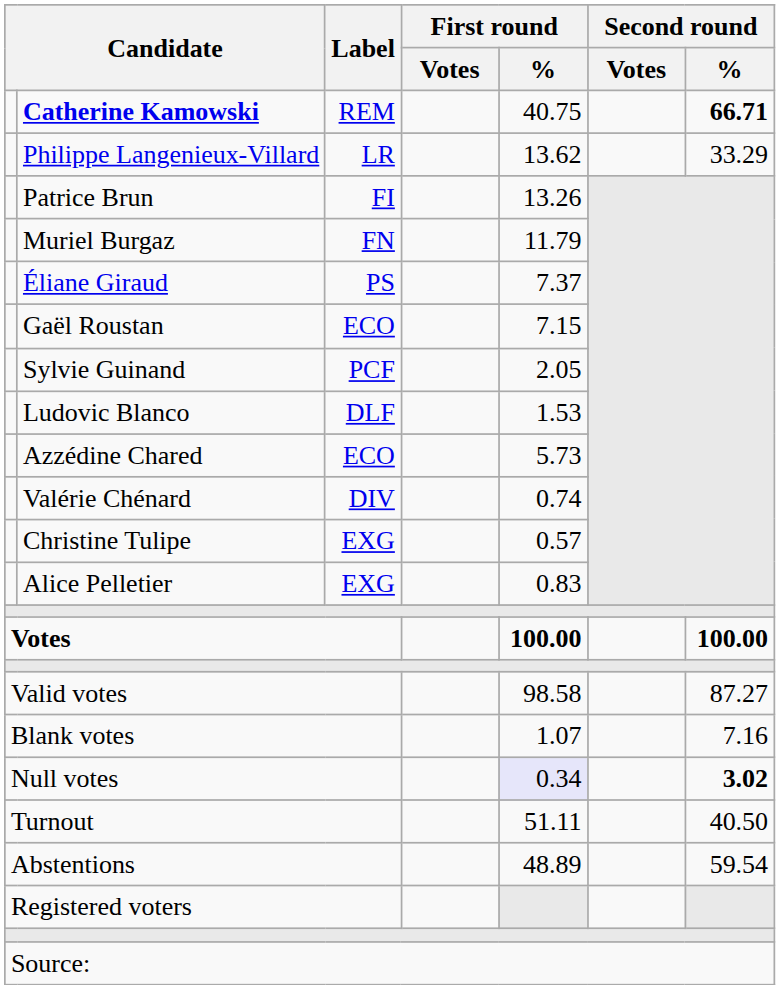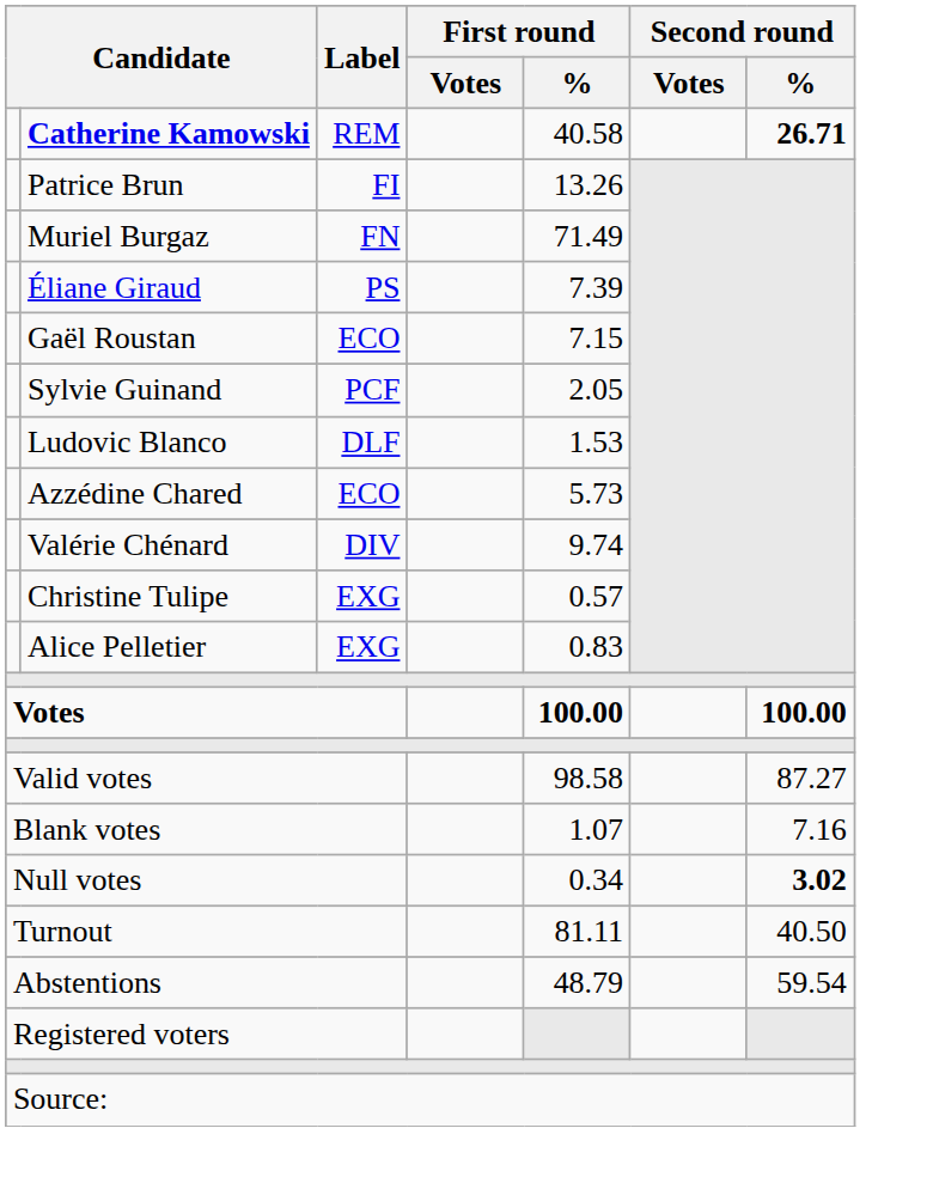 <table class="wikitable" style="text-align:right;font-size:95%;">
 <tr>
 <th rowspan="2" colspan="2">Candidate</th>
 <th rowspan="2">Label</th>
 <th colspan="2">First round</th>
 <th colspan="2">Second round</th>
 </tr>
 <tr>
 <th style="width:50px;">Votes</th>
 <th style="width:45px;">%</th>
 <th style="width:50px;">Votes</th>
 <th style="width:45px;">%</th>
 </tr>
 <tr>
 <td style="color:inherit;background:"></td>
 <td style="text-align:left;"><strong><a href='#'>Catherine Kamowski</a></strong></td>
 <td><a href='#'>REM</a></td>
 <td></td>
-<td>40.75</td>
+<td>40.58</td>
 <td><strong></strong></td>
-<td><strong>66.71</strong></td>
-</tr>
-<tr>
-<td style="color:inherit;background:"></td>
-<td style="text-align:left;"><a href='#'>Philippe Langenieux-Villard</a></td>
-<td><a href='#'>LR</a></td>
-<td></td>
-<td>13.62</td>
-<td></td>
-<td>33.29</td>
+<td><strong>26.71</strong></td>
 </tr>
 <tr>
 <td style="color:inherit;background:"></td>
 <td style="text-align:left;">Patrice Brun</td>
 <td><a href='#'>FI</a></td>
 <td></td>
 <td>13.26</td>
 <td colspan="2" rowspan="10" style="background:#E9E9E9;"></td>
 </tr>
 <tr>
 <td style="color:inherit;background:"></td>
 <td style="text-align:left;">Muriel Burgaz</td>
 <td><a href='#'>FN</a></td>
 <td></td>
-<td>11.79</td>
+<td>71.49</td>
 </tr>
 <tr>
 <td style="color:inherit;background:"></td>
 <td style="text-align:left;"><a href='#'>Éliane Giraud</a></td>
 <td><a href='#'>PS</a></td>
 <td></td>
-<td>7.37</td>
+<td>7.39</td>
 </tr>
 <tr>
 <td style="color:inherit;background:"></td>
 <td style="text-align:left;">Gaël Roustan</td>
 <td><a href='#'>ECO</a></td>
 <td></td>
 <td>7.15</td>
 </tr>
 <tr>
 <td style="color:inherit;background:"></td>
 <td style="text-align:left;">Sylvie Guinand</td>
 <td><a href='#'>PCF</a></td>
 <td></td>
 <td>2.05</td>
 </tr>
 <tr>
 <td style="color:inherit;background:"></td>
 <td style="text-align:left;">Ludovic Blanco</td>
 <td><a href='#'>DLF</a></td>
 <td></td>
 <td>1.53</td>
 </tr>
 <tr>
 <td style="color:inherit;background:"></td>
 <td style="text-align:left;">Azzédine Chared</td>
 <td><a href='#'>ECO</a></td>
 <td></td>
 <td>5.73</td>
 </tr>
 <tr>
 <td style="color:inherit;background:"></td>
 <td style="text-align:left;">Valérie Chénard</td>
 <td><a href='#'>DIV</a></td>
 <td></td>
-<td>0.74</td>
+<td>9.74</td>
 </tr>
 <tr>
 <td style="color:inherit;background:"></td>
 <td style="text-align:left;">Christine Tulipe</td>
 <td><a href='#'>EXG</a></td>
 <td></td>
 <td>0.57</td>
 </tr>
 <tr>
 <td style="color:inherit;background:"></td>
 <td style="text-align:left;">Alice Pelletier</td>
 <td><a href='#'>EXG</a></td>
 <td></td>
 <td>0.83</td>
 </tr>
 <tr>
 <td colspan="7" style="background:#E9E9E9;"></td>
 </tr>
 <tr style="font-weight:bold;">
 <td colspan="3" style="text-align:left;">Votes</td>
 <td></td>
 <td>100.00</td>
 <td></td>
 <td>100.00</td>
 </tr>
 <tr>
 <td colspan="7" style="background:#E9E9E9;"></td>
 </tr>
 <tr>
 <td colspan="3" style="text-align:left;">Valid votes</td>
 <td></td>
 <td>98.58</td>
 <td></td>
 <td>87.27</td>
 </tr>
 <tr>
 <td colspan="3" style="text-align:left;">Blank votes</td>
 <td></td>
 <td>1.07</td>
 <td></td>
 <td>7.16</td>
 </tr>
 <tr>
 <td colspan="3" style="text-align:left;">Null votes</td>
 <td></td>
-<td style="background: lavender;">0.34</td>
+<td>0.34</td>
 <td></td>
 <td><strong>3.02</strong></td>
 </tr>
 <tr>
 <td colspan="3" style="text-align:left;">Turnout</td>
 <td></td>
-<td>51.11</td>
+<td>81.11</td>
 <td></td>
 <td>40.50</td>
 </tr>
 <tr>
 <td colspan="3" style="text-align:left;">Abstentions</td>
 <td></td>
-<td>48.89</td>
+<td>48.79</td>
 <td></td>
 <td>59.54</td>
 </tr>
 <tr>
 <td colspan="3" style="text-align:left;">Registered voters</td>
 <td></td>
 <td style="color:inherit;background:#E9E9E9;"></td>
 <td></td>
 <td style="color:inherit;background:#E9E9E9;"></td>
 </tr>
 <tr>
 <td colspan="7" style="background:#E9E9E9;"></td>
 </tr>
 <tr>
 <td colspan="7" style="text-align:left;">Source: </td>
 </tr>
 </table>
